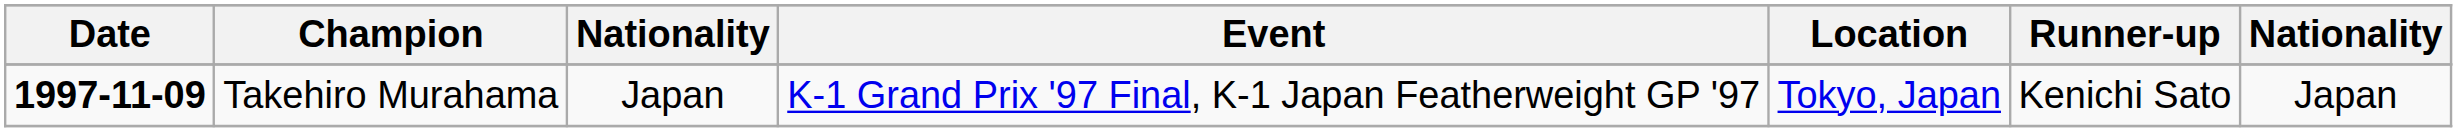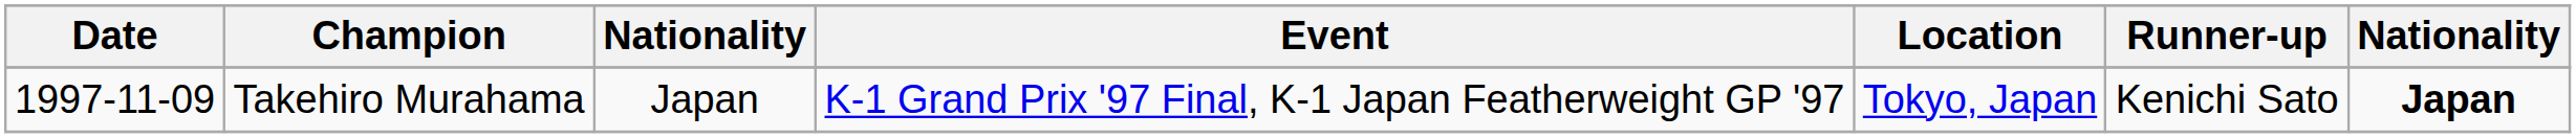 <table class="wikitable" style="text-align:center">
 <tr>
 </tr>
 <tr bgcolor="#dddddd">
 <th>Date</th>
 <th>Champion</th>
 <th>Nationality</th>
 <th>Event</th>
 <th>Location</th>
 <th>Runner-up</th>
 <th>Nationality</th>
 </tr>
 <tr>
 </tr>
 <tr>
-<td><strong>1997-11-09</strong></td>
+<td>1997-11-09</td>
 <td>Takehiro Murahama</td>
 <td> Japan</td>
 <td><a href='#'>K-1 Grand Prix '97 Final</a>, K-1 Japan Featherweight GP '97</td>
 <td><a href='#'>Tokyo, Japan</a></td>
 <td>Kenichi Sato</td>
-<td> Japan</td>
+<td><strong> Japan</strong></td>
 </tr>
 <tr>
 </tr>
 </table>
